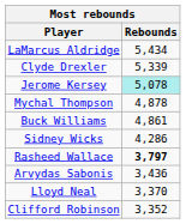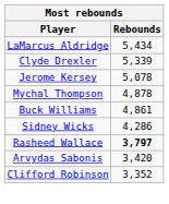 <table class="wikitable sortable" style="text-align:center">
 <tr>
 <th colspan="2" style="text-align:center; ">Most rebounds</th>
 </tr>
 <tr>
 <th style="text-align:center; ">Player</th>
 <th style="text-align:center; ">Rebounds</th>
 </tr>
 <tr>
 <td><a href='#'>LaMarcus Aldridge</a></td>
 <td>5,434</td>
 </tr>
 <tr>
 <td><a href='#'>Clyde Drexler</a></td>
 <td>5,339</td>
 </tr>
 <tr>
 <td><a href='#'>Jerome Kersey</a></td>
-<td style="background: paleturquoise;">5,078</td>
+<td>5,078</td>
 </tr>
 <tr>
 <td><a href='#'>Mychal Thompson</a></td>
 <td>4,878</td>
 </tr>
 <tr>
 <td><a href='#'>Buck Williams</a></td>
 <td>4,861</td>
 </tr>
 <tr>
 <td><a href='#'>Sidney Wicks</a></td>
 <td>4,286</td>
 </tr>
 <tr>
 <td><a href='#'>Rasheed Wallace</a></td>
 <td><strong>3,797</strong></td>
 </tr>
 <tr>
 <td><a href='#'>Arvydas Sabonis</a></td>
-<td>3,436</td>
-</tr>
-<tr>
-<td><a href='#'>Lloyd Neal</a></td>
-<td>3,370</td>
+<td>3,420</td>
 </tr>
 <tr>
 <td><a href='#'>Clifford Robinson</a></td>
 <td>3,352</td>
 </tr>
 </table>
